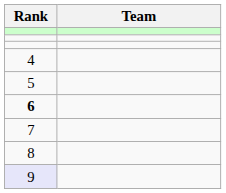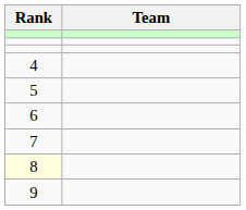 <table class="wikitable" style="text-align: center">
 <tr>
 <th width=50>Rank</th>
 <th width=170>Team</th>
 </tr>
 <tr bgcolor=#ccffcc>
 <td></td>
 <td align=left></td>
 </tr>
 <tr>
 <td></td>
 <td align=left></td>
 </tr>
 <tr>
 <td></td>
 <td align=left></td>
 </tr>
 <tr>
 <td>4</td>
 <td align=left></td>
 </tr>
 <tr>
 <td>5</td>
 <td align=left></td>
 </tr>
 <tr>
-<td><strong>6</strong></td>
+<td>6</td>
 <td align=left></td>
 </tr>
 <tr>
 <td>7</td>
 <td align=left></td>
 </tr>
 <tr>
-<td>8</td>
+<td style="background: lightyellow;">8</td>
 <td align=left></td>
 </tr>
 <tr>
-<td style="background: lavender;">9</td>
+<td>9</td>
 <td align=left></td>
 </tr>
 </table>
